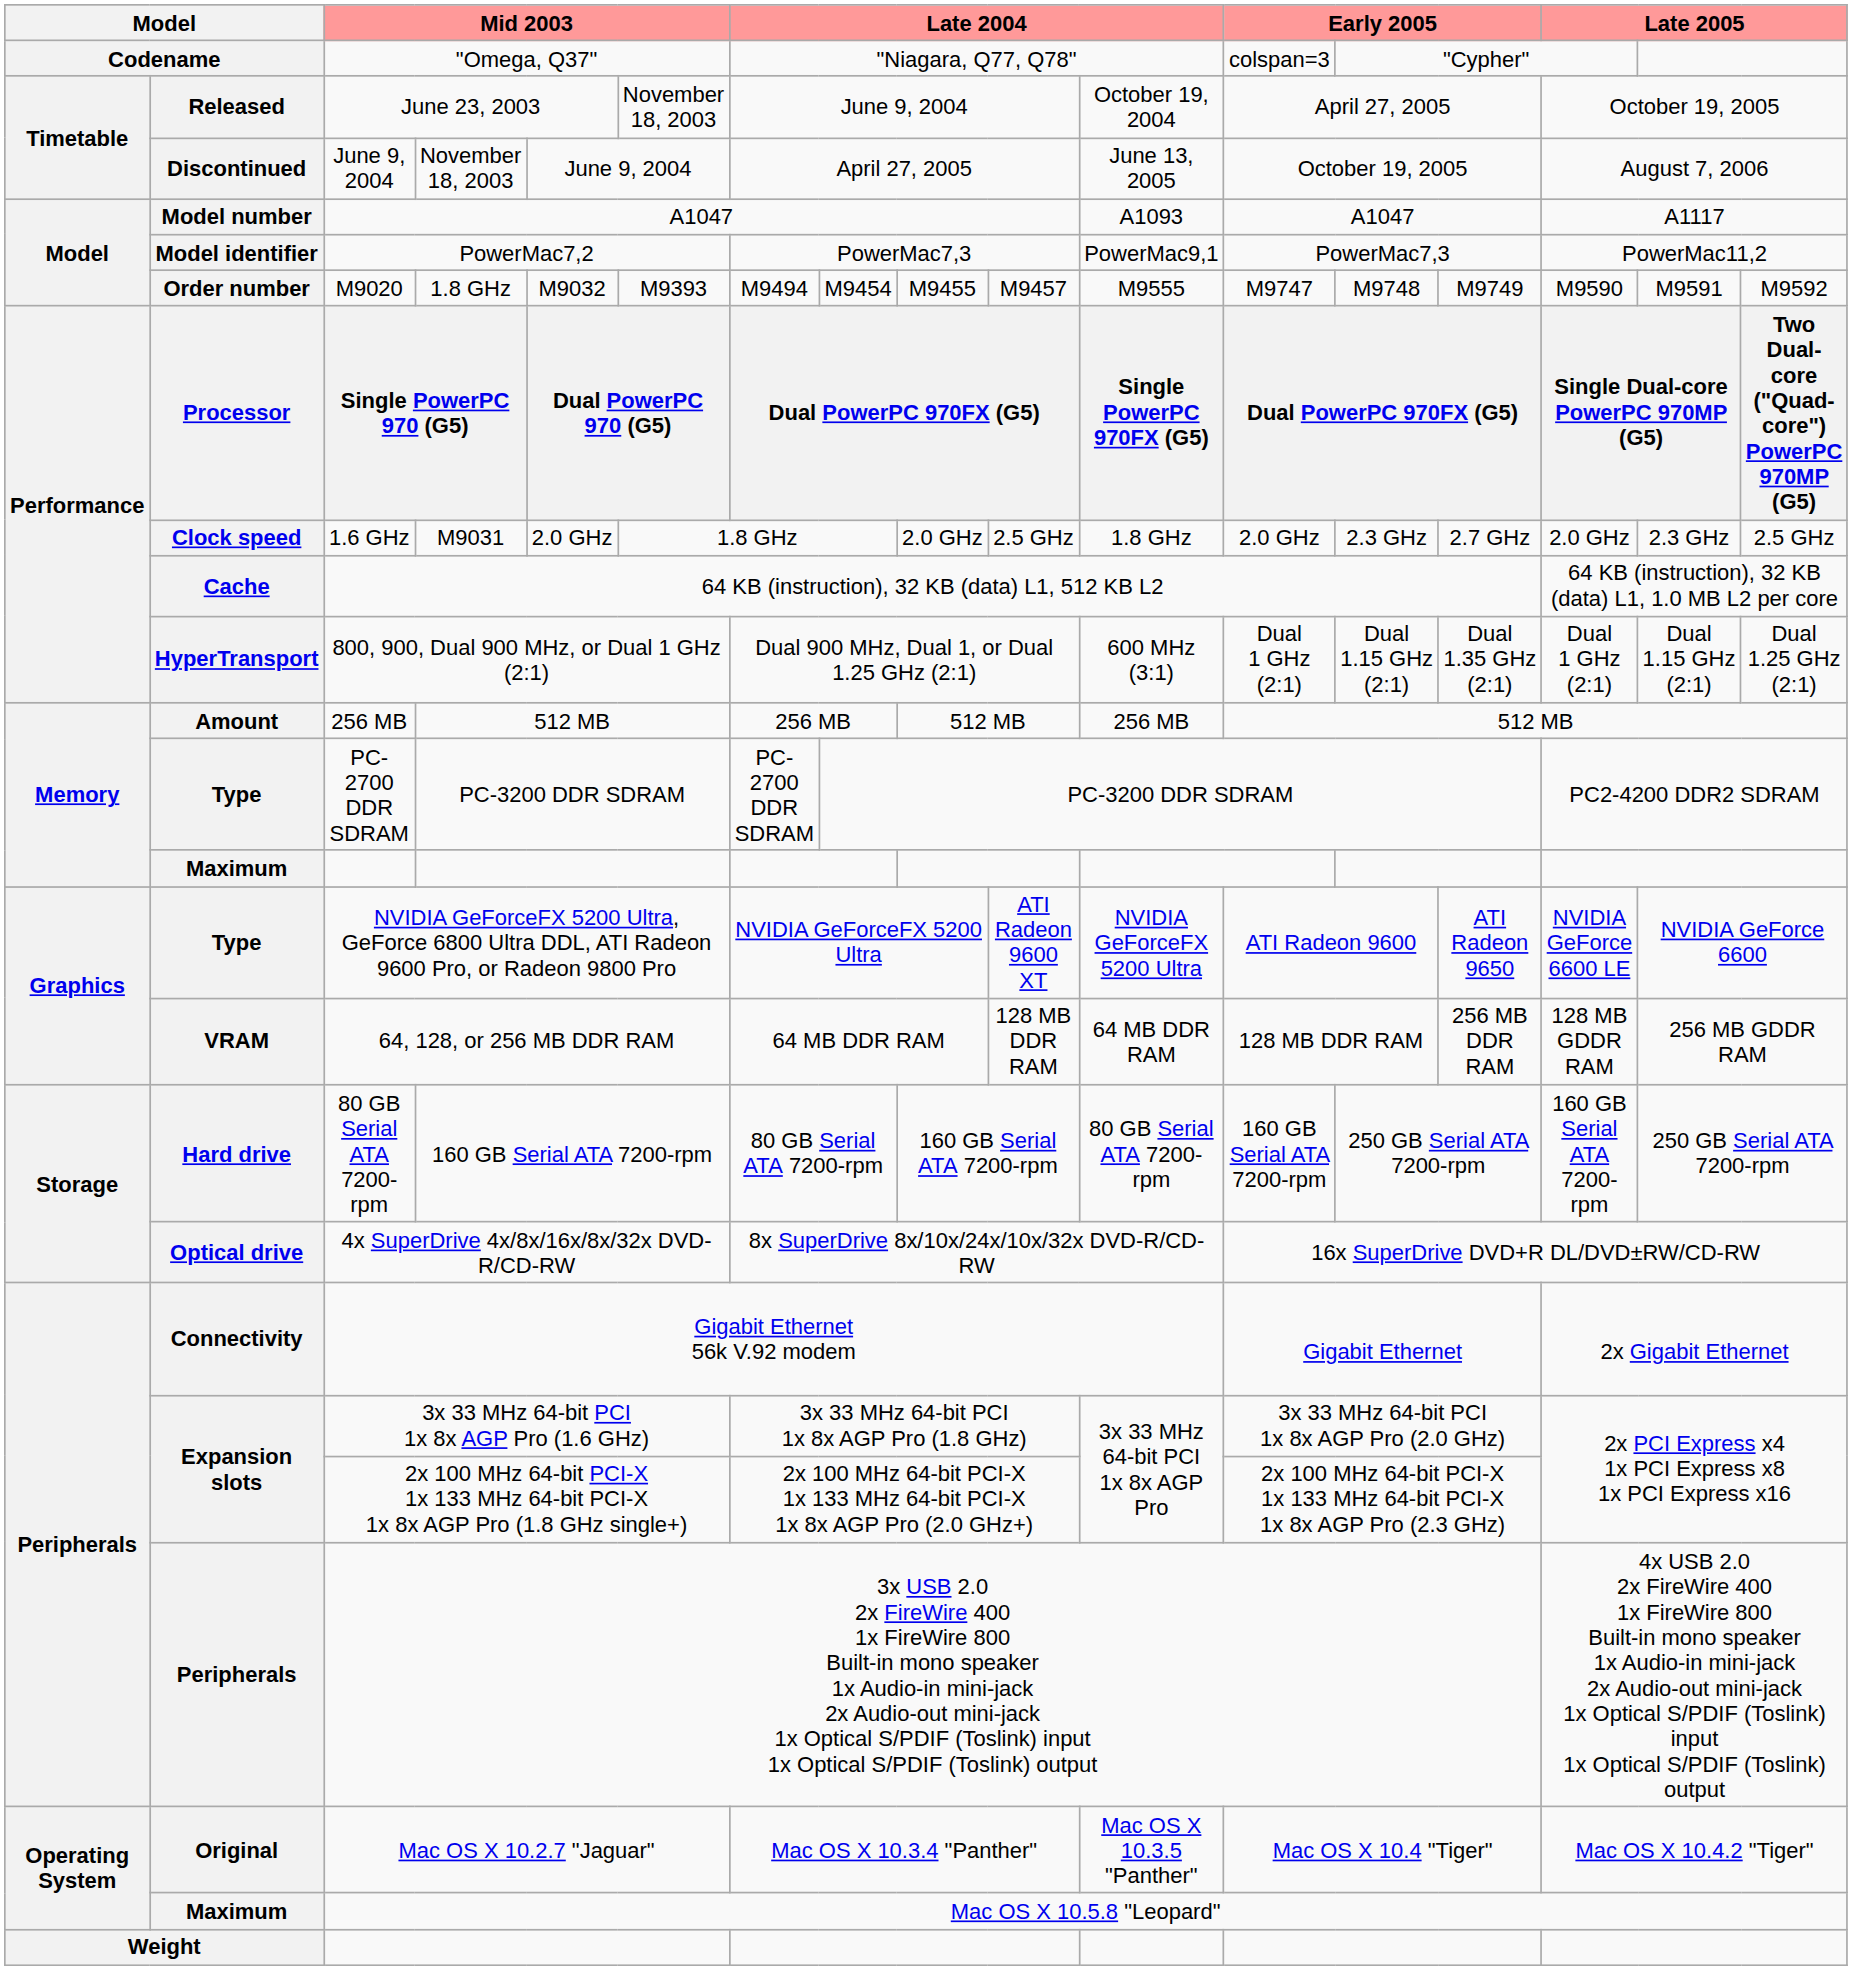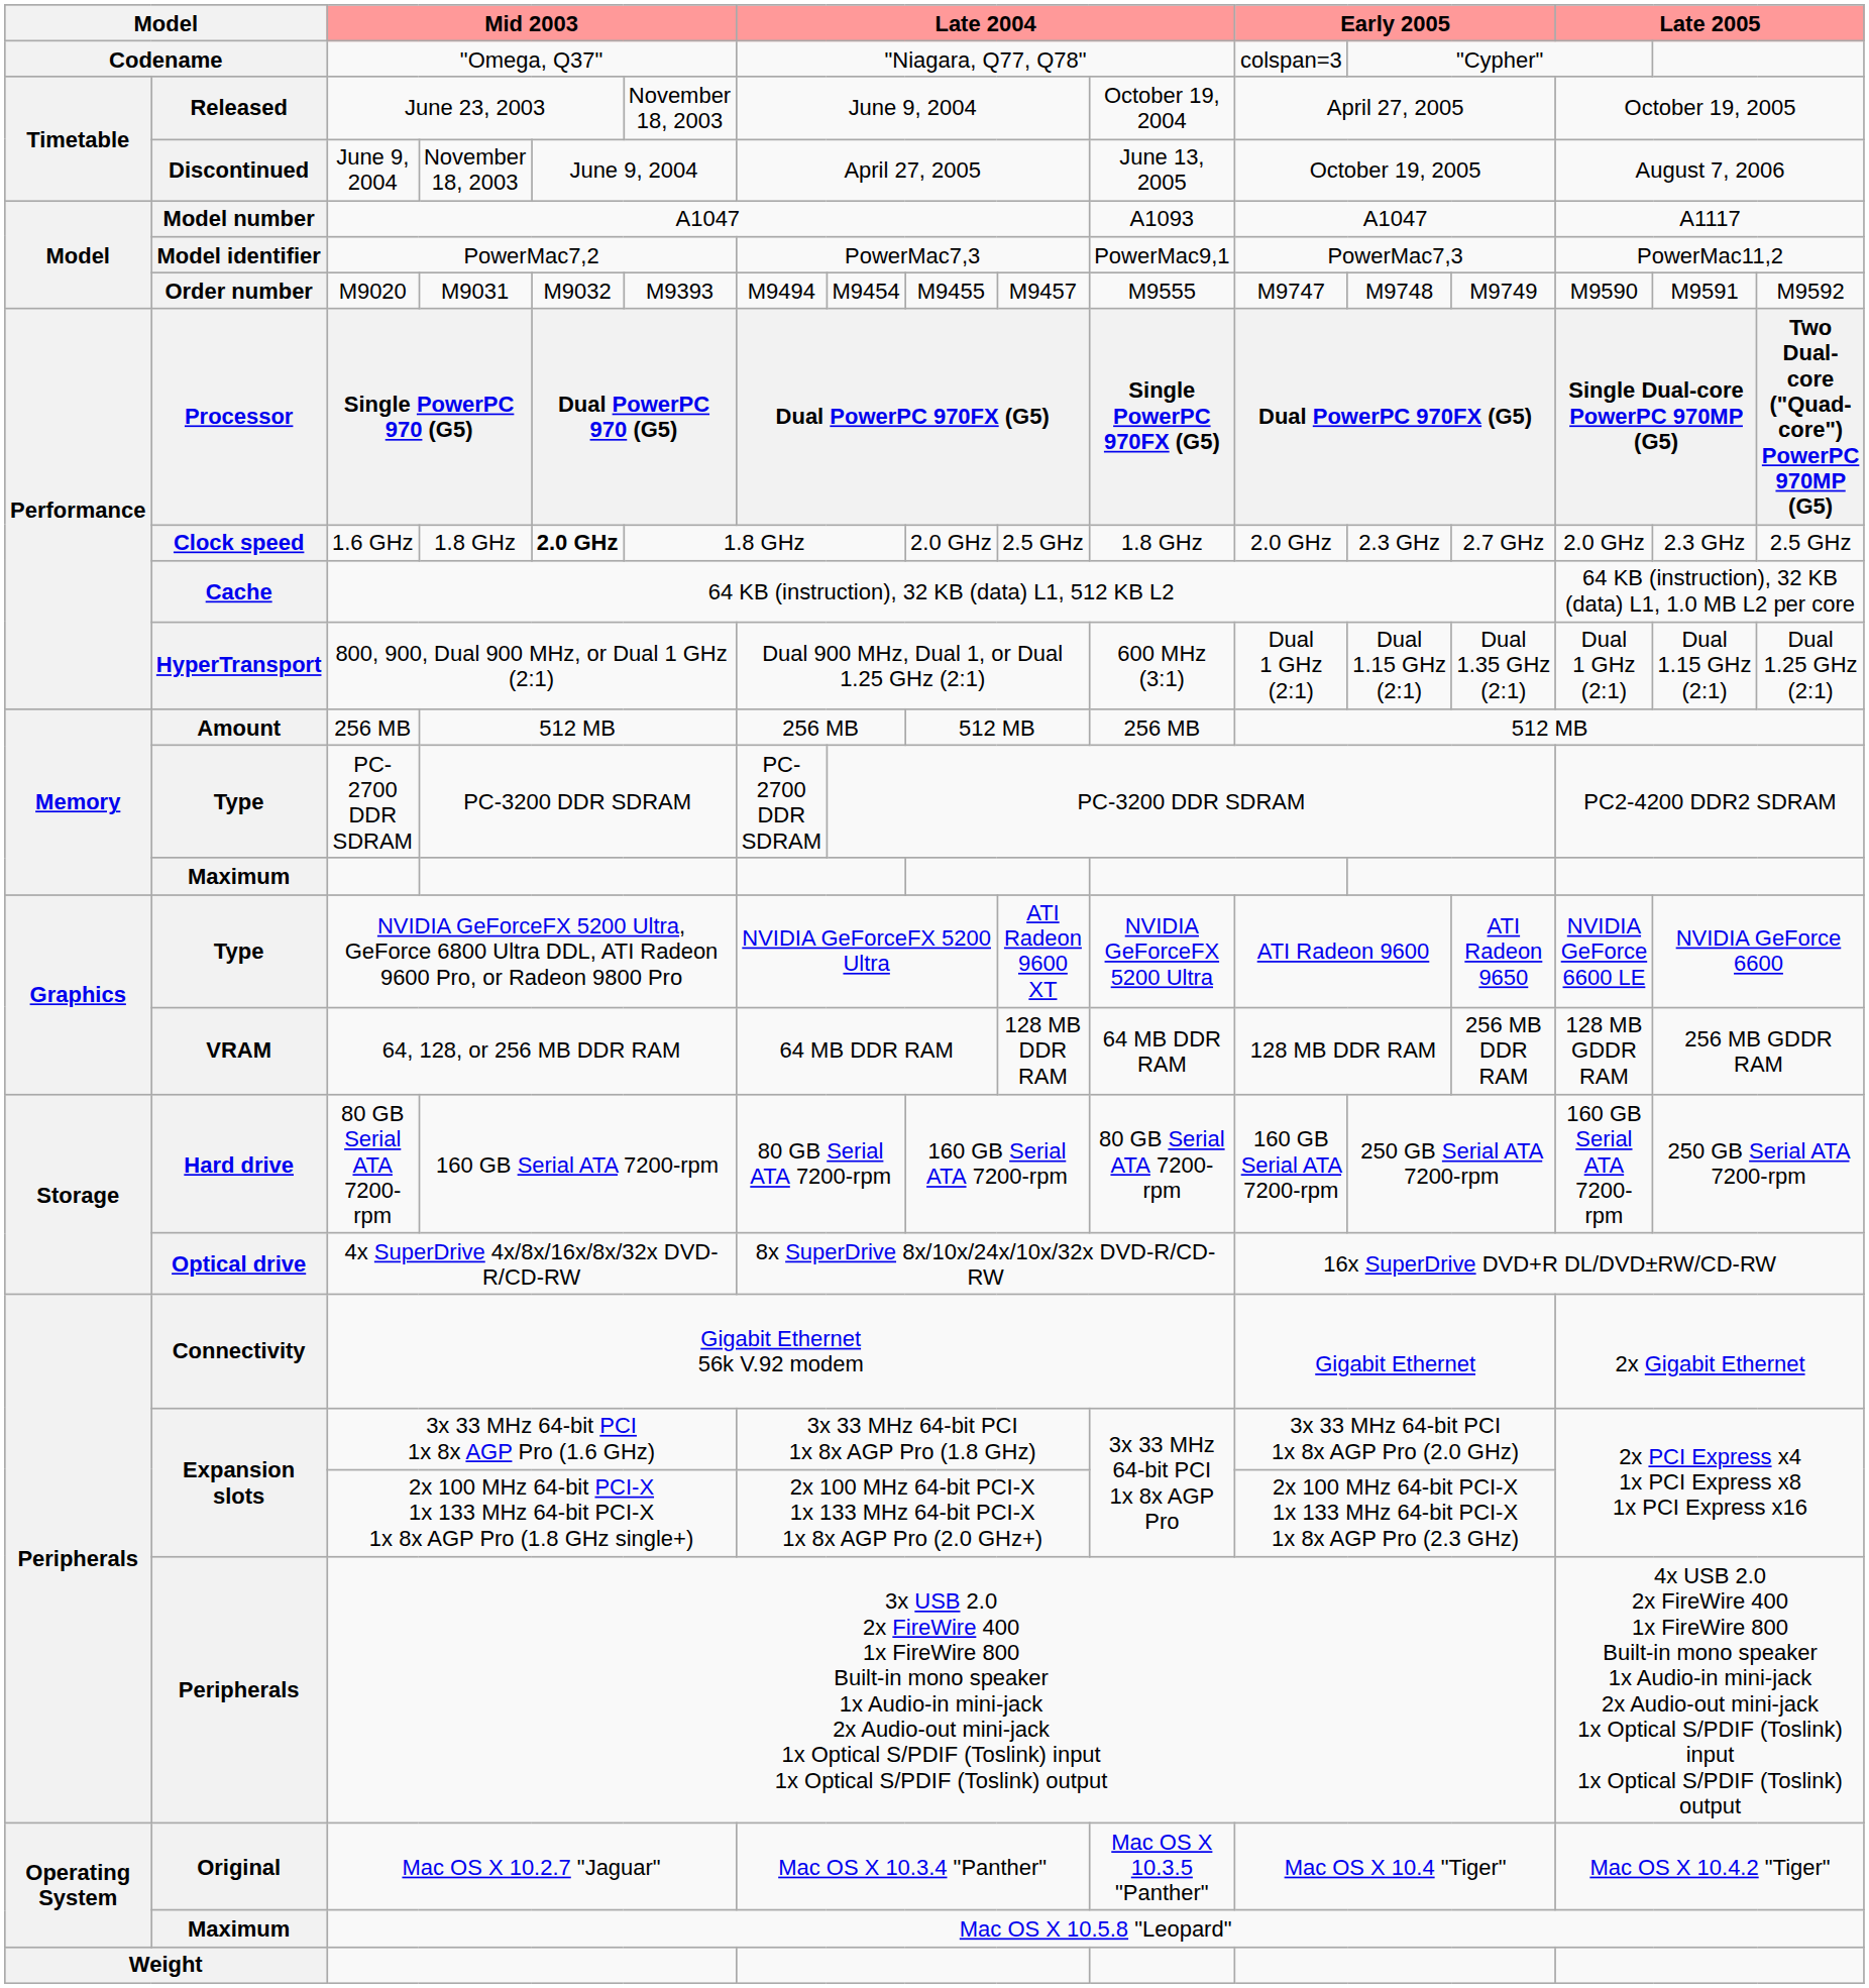 <table class="wikitable mw-collapsible" style="font-size:small; text-align:center">
 <tr>
 <th colspan=2>Model</th>
 <th colspan=4 style="background:#FF9999">Mid 2003</th>
 <th colspan=5 style="background:#FF9999">Late 2004</th>
 <th colspan=3 style="background:#FF9999">Early 2005</th>
 <th colspan=3 style="background:#FF9999">Late 2005</th>
 </tr>
 <tr>
 <th colspan=2>Codename</th>
 <td colspan=4>"Omega, Q37"</td>
 <td colspan=5>"Niagara, Q77, Q78"</td>
 <td>colspan=3 </td>
 <td colspan=3>"Cypher"</td>
 </tr>
 <tr>
 <th rowspan=2>Timetable</th>
 <th>Released</th>
 <td colspan=3>June 23, 2003</td>
 <td>November 18, 2003</td>
 <td colspan=4>June 9, 2004</td>
 <td>October 19, 2004</td>
 <td colspan=3>April 27, 2005</td>
 <td colspan=3>October 19, 2005</td>
 </tr>
 <tr>
 <th>Discontinued</th>
 <td>June 9, 2004</td>
 <td>November 18, 2003</td>
 <td colspan=2>June 9, 2004</td>
 <td colspan=4>April 27, 2005</td>
 <td>June 13, 2005</td>
 <td colspan=3>October 19, 2005</td>
 <td colspan=3>August 7, 2006</td>
 </tr>
 <tr>
 <th rowspan=3>Model</th>
 <th>Model number</th>
 <td colspan=8>A1047</td>
 <td>A1093</td>
 <td colspan=3>A1047</td>
 <td colspan=3>A1117</td>
 </tr>
 <tr>
 <th>Model identifier</th>
 <td colspan=4>PowerMac7,2</td>
 <td colspan=4>PowerMac7,3</td>
 <td>PowerMac9,1</td>
 <td colspan=3>PowerMac7,3</td>
 <td colspan=3>PowerMac11,2</td>
 </tr>
 <tr>
 <th>Order number</th>
 <td>M9020</td>
-<td>1.8 GHz</td>
+<td>M9031</td>
 <td>M9032</td>
 <td>M9393</td>
 <td>M9494</td>
 <td>M9454</td>
 <td>M9455</td>
 <td>M9457</td>
 <td>M9555</td>
 <td>M9747</td>
 <td>M9748</td>
 <td>M9749</td>
 <td>M9590</td>
 <td>M9591</td>
 <td>M9592</td>
 </tr>
 <tr>
 <th rowspan=4>Performance</th>
 <th><a href='#'>Processor</a></th>
 <th colspan=2>Single <a href='#'>PowerPC 970</a> (G5)</th>
 <th colspan=2>Dual <a href='#'>PowerPC 970</a> (G5)</th>
 <th colspan=4>Dual  <a href='#'>PowerPC 970FX</a> (G5)</th>
 <th>Single <a href='#'>PowerPC 970FX</a> (G5)</th>
 <th colspan=3>Dual <a href='#'>PowerPC 970FX</a> (G5)</th>
 <th colspan=2>Single Dual-core <a href='#'>PowerPC 970MP</a> (G5)</th>
 <th>Two Dual-core ("Quad-core") <a href='#'>PowerPC 970MP</a> (G5)</th>
 </tr>
 <tr>
 <th><a href='#'>Clock speed</a></th>
 <td>1.6 GHz</td>
-<td>M9031</td>
-<td>2.0 GHz</td>
+<td>1.8 GHz</td>
+<td><strong>2.0 GHz</strong></td>
 <td colspan=3>1.8 GHz</td>
 <td>2.0 GHz</td>
 <td>2.5 GHz</td>
 <td>1.8 GHz</td>
 <td>2.0 GHz</td>
 <td>2.3 GHz</td>
 <td>2.7 GHz</td>
 <td>2.0 GHz</td>
 <td>2.3 GHz</td>
 <td>2.5 GHz</td>
 </tr>
 <tr>
 <th><a href='#'>Cache</a></th>
 <td colspan=12>64 KB (instruction), 32 KB (data) L1, 512 KB L2</td>
 <td colspan=3>64 KB (instruction), 32 KB (data) L1, 1.0 MB L2 per core</td>
 </tr>
 <tr>
 <th><a href='#'>HyperTransport</a></th>
 <td colspan=4>800, 900, Dual 900 MHz, or Dual 1 GHz (2:1)</td>
 <td colspan=4>Dual 900 MHz, Dual 1, or Dual 1.25 GHz (2:1)</td>
 <td>600 MHz (3:1)</td>
 <td>Dual 1 GHz (2:1)</td>
 <td>Dual 1.15 GHz (2:1)</td>
 <td>Dual 1.35 GHz (2:1)</td>
 <td>Dual 1 GHz (2:1)</td>
 <td>Dual 1.15 GHz (2:1)</td>
 <td>Dual 1.25 GHz (2:1)</td>
 </tr>
 <tr>
 <th rowspan=3><a href='#'>Memory</a></th>
 <th>Amount</th>
 <td>256 MB</td>
 <td colspan=3>512 MB</td>
 <td colspan=2>256 MB</td>
 <td colspan=2>512 MB</td>
 <td>256 MB</td>
 <td colspan=6>512 MB</td>
 </tr>
 <tr>
 <th>Type</th>
 <td>PC-2700 DDR SDRAM</td>
 <td colspan=3>PC-3200 DDR SDRAM</td>
 <td>PC-2700 DDR SDRAM</td>
 <td colspan=7>PC-3200 DDR SDRAM</td>
 <td colspan=3>PC2-4200 DDR2 SDRAM</td>
 </tr>
 <tr>
 <th>Maximum</th>
 <td><em></em></td>
 <td colspan=3><em></em></td>
 <td colspan=2><em></em></td>
 <td colspan=2><em></em></td>
 <td colspan=2><em></em></td>
 <td colspan=2><em></em></td>
 <td colspan=3><em></em></td>
 </tr>
 <tr>
 <th rowspan=2><a href='#'>Graphics</a></th>
 <th>Type</th>
 <td colspan=4><a href='#'>NVIDIA GeForceFX 5200 Ultra</a>, GeForce 6800 Ultra DDL, ATI Radeon 9600 Pro, or Radeon 9800 Pro</td>
 <td colspan=3><a href='#'>NVIDIA GeForceFX 5200 Ultra</a></td>
 <td><a href='#'>ATI Radeon 9600 XT</a></td>
 <td><a href='#'>NVIDIA GeForceFX 5200 Ultra</a></td>
 <td colspan=2><a href='#'>ATI Radeon 9600</a></td>
 <td><a href='#'>ATI Radeon 9650</a></td>
 <td><a href='#'>NVIDIA GeForce 6600 LE</a></td>
 <td colspan=2><a href='#'>NVIDIA GeForce 6600</a></td>
 </tr>
 <tr>
 <th>VRAM</th>
 <td colspan=4>64, 128, or 256 MB DDR RAM</td>
 <td colspan=3>64 MB DDR RAM</td>
 <td>128 MB DDR RAM</td>
 <td>64 MB DDR RAM</td>
 <td colspan=2>128 MB DDR RAM</td>
 <td>256 MB DDR RAM</td>
 <td>128 MB GDDR RAM</td>
 <td colspan=2>256 MB GDDR RAM</td>
 </tr>
 <tr>
 <th rowspan=2>Storage</th>
 <th><a href='#'>Hard drive</a></th>
 <td>80 GB <a href='#'>Serial ATA</a> 7200-rpm</td>
 <td colspan=3>160 GB <a href='#'>Serial ATA</a> 7200-rpm</td>
 <td colspan=2>80 GB <a href='#'>Serial ATA</a> 7200-rpm</td>
 <td colspan=2>160 GB <a href='#'>Serial ATA</a> 7200-rpm</td>
 <td>80 GB <a href='#'>Serial ATA</a> 7200-rpm</td>
 <td>160 GB <a href='#'>Serial ATA</a> 7200-rpm</td>
 <td colspan=2>250 GB <a href='#'>Serial ATA</a> 7200-rpm</td>
 <td>160 GB <a href='#'>Serial ATA</a> 7200-rpm</td>
 <td colspan=2>250 GB <a href='#'>Serial ATA</a> 7200-rpm</td>
 </tr>
 <tr>
 <th><a href='#'>Optical drive</a></th>
 <td colspan=4>4x <a href='#'>SuperDrive</a> 4x/8x/16x/8x/32x DVD-R/CD-RW</td>
 <td colspan=5>8x <a href='#'>SuperDrive</a> 8x/10x/24x/10x/32x DVD-R/CD-RW</td>
 <td colspan=6>16x <a href='#'>SuperDrive</a> DVD+R DL/DVD±RW/CD-RW</td>
 </tr>
 <tr>
 <th rowspan=4>Peripherals</th>
 <th>Connectivity</th>
 <td colspan=9><br><a href='#'>Gigabit Ethernet</a><br>56k V.92 modem<br><br></td>
 <td colspan=3><br><a href='#'>Gigabit Ethernet</a><br></td>
 <td colspan=3><br>2x <a href='#'>Gigabit Ethernet</a><br></td>
 </tr>
 <tr>
 <th rowspan=2>Expansion slots</th>
 <td colspan=4>3x 33 MHz 64-bit <a href='#'>PCI</a><br>1x 8x <a href='#'>AGP</a> Pro (1.6 GHz)</td>
 <td colspan=4>3x 33 MHz 64-bit PCI <br>1x 8x AGP Pro (1.8 GHz)</td>
 <td rowspan=2>3x 33 MHz 64-bit PCI <br>1x 8x AGP Pro</td>
 <td colspan=3>3x 33 MHz 64-bit PCI <br>1x 8x AGP Pro (2.0 GHz)</td>
 <td colspan=3 rowspan=2>2x <a href='#'>PCI Express</a> x4<br>1x PCI Express x8<br>1x PCI Express x16</td>
 </tr>
 <tr>
 <td colspan=4>2x 100 MHz 64-bit <a href='#'>PCI-X</a><br>1x 133 MHz 64-bit PCI-X<br>1x 8x AGP Pro (1.8 GHz single+)</td>
 <td colspan=4>2x 100 MHz 64-bit PCI-X<br>1x 133 MHz 64-bit PCI-X<br>1x 8x AGP Pro (2.0 GHz+)</td>
 <td colspan=3>2x 100 MHz 64-bit PCI-X<br>1x 133 MHz 64-bit PCI-X<br>1x 8x AGP Pro (2.3 GHz)</td>
 </tr>
 <tr>
 <th>Peripherals</th>
 <td colspan=12>3x <a href='#'>USB</a> 2.0<br>2x <a href='#'>FireWire</a> 400<br>1x FireWire 800<br>Built-in mono speaker<br>1x Audio-in mini-jack<br>2x Audio-out mini-jack<br>1x Optical S/PDIF (Toslink) input<br>1x Optical S/PDIF (Toslink) output</td>
 <td colspan=3>4x USB 2.0<br>2x FireWire 400<br>1x FireWire 800<br>Built-in mono speaker<br>1x Audio-in mini-jack<br>2x Audio-out mini-jack<br>1x Optical S/PDIF (Toslink) input<br>1x Optical S/PDIF (Toslink) output</td>
 </tr>
 <tr>
 <th rowspan="2">Operating System</th>
 <th>Original</th>
 <td colspan="4"><a href='#'>Mac OS X 10.2.7</a> "Jaguar"</td>
 <td colspan="4"><a href='#'>Mac OS X 10.3.4</a> "Panther"</td>
 <td><a href='#'>Mac OS X 10.3.5</a> "Panther"</td>
 <td colspan="3"><a href='#'>Mac OS X 10.4</a> "Tiger"</td>
 <td colspan="3"><a href='#'>Mac OS X 10.4.2</a> "Tiger"</td>
 </tr>
 <tr>
 <th>Maximum</th>
 <td colspan="15"><a href='#'>Mac OS X 10.5.8</a> "Leopard"</td>
 </tr>
 <tr>
 <th colspan=2>Weight</th>
 <td colspan=4></td>
 <td colspan=4></td>
 <td></td>
 <td colspan=3></td>
 <td colspan=3></td>
 </tr>
 </table>
